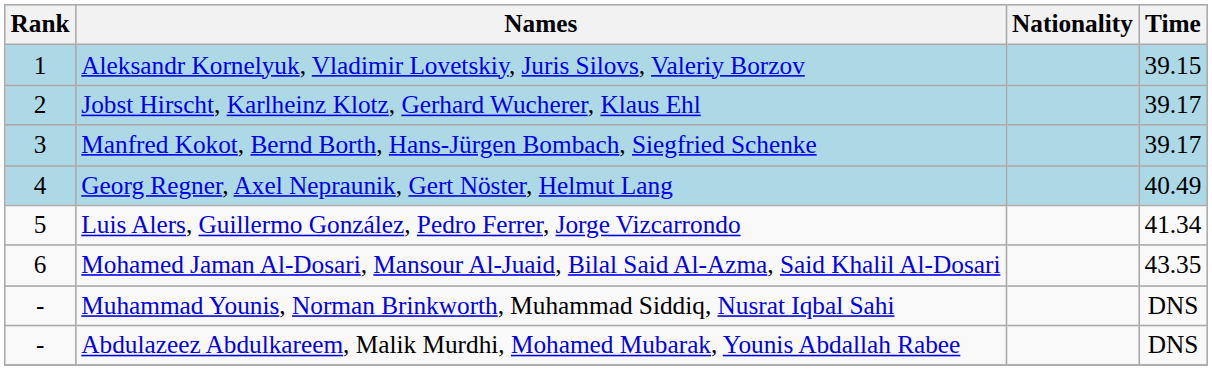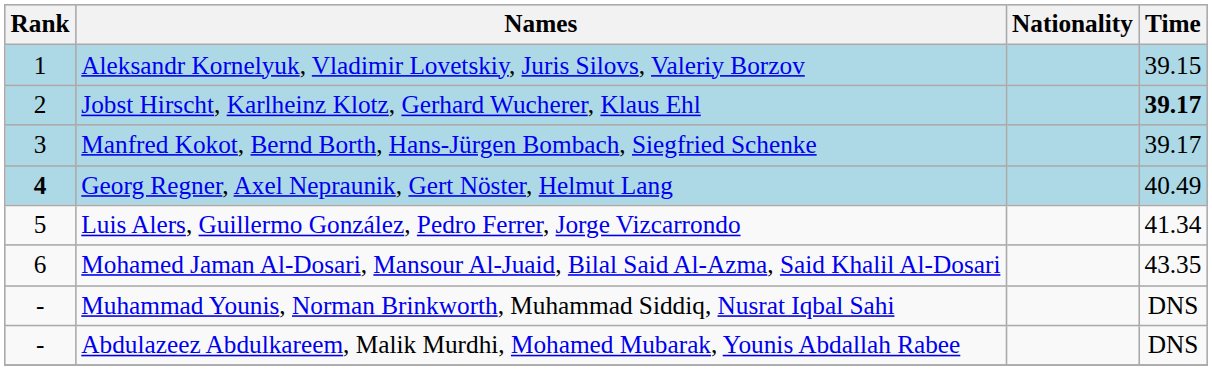 <table class="wikitable sortable" style="text-align:center">
 <tr>
 <th>Rank</th>
 <th>Names</th>
 <th>Nationality</th>
 <th>Time</th>
 </tr>
 <tr bgcolor=lightblue>
 <td>1</td>
 <td align=left><a href='#'>Aleksandr Kornelyuk</a>, <a href='#'>Vladimir Lovetskiy</a>, <a href='#'>Juris Silovs</a>, <a href='#'>Valeriy Borzov</a></td>
 <td align=left></td>
 <td>39.15</td>
 </tr>
 <tr bgcolor=lightblue>
 <td>2</td>
 <td align=left><a href='#'>Jobst Hirscht</a>, <a href='#'>Karlheinz Klotz</a>, <a href='#'>Gerhard Wucherer</a>, <a href='#'>Klaus Ehl</a></td>
 <td align=left></td>
-<td>39.17</td>
+<td><strong>39.17</strong></td>
 </tr>
 <tr bgcolor=lightblue>
 <td>3</td>
 <td align=left><a href='#'>Manfred Kokot</a>, <a href='#'>Bernd Borth</a>, <a href='#'>Hans-Jürgen Bombach</a>, <a href='#'>Siegfried Schenke</a></td>
 <td align=left></td>
 <td>39.17</td>
 </tr>
 <tr bgcolor=lightblue>
-<td>4</td>
+<td><strong>4</strong></td>
 <td align=left><a href='#'>Georg Regner</a>, <a href='#'>Axel Nepraunik</a>, <a href='#'>Gert Nöster</a>, <a href='#'>Helmut Lang</a></td>
 <td align=left></td>
 <td>40.49</td>
 </tr>
 <tr>
 <td>5</td>
 <td align=left><a href='#'>Luis Alers</a>, <a href='#'>Guillermo González</a>, <a href='#'>Pedro Ferrer</a>, <a href='#'>Jorge Vizcarrondo</a></td>
 <td align=left></td>
 <td>41.34</td>
 </tr>
 <tr>
 <td>6</td>
 <td align=left><a href='#'>Mohamed Jaman Al-Dosari</a>, <a href='#'>Mansour Al-Juaid</a>, <a href='#'>Bilal Said Al-Azma</a>, <a href='#'>Said Khalil Al-Dosari</a></td>
 <td align=left></td>
 <td>43.35</td>
 </tr>
 <tr>
 <td>-</td>
 <td align=left><a href='#'>Muhammad Younis</a>, <a href='#'>Norman Brinkworth</a>, Muhammad Siddiq, <a href='#'>Nusrat Iqbal Sahi</a></td>
 <td align=left></td>
 <td>DNS</td>
 </tr>
 <tr>
 <td>-</td>
 <td align=left><a href='#'>Abdulazeez Abdulkareem</a>, Malik Murdhi, <a href='#'>Mohamed Mubarak</a>, <a href='#'>Younis Abdallah Rabee</a></td>
 <td align=left></td>
 <td>DNS</td>
 </tr>
 <tr>
 </tr>
 </table>
